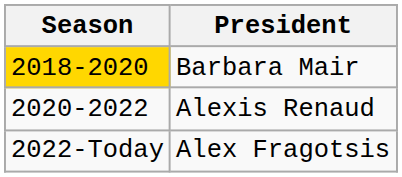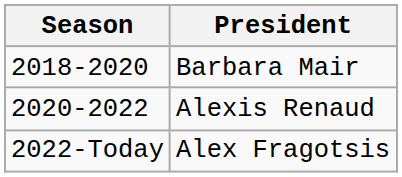 <table class="wikitable sortable">
 <tr>
 <th>Season</th>
 <th>President</th>
 </tr>
 <tr>
-<td style="background: gold;">2018-2020</td>
+<td>2018-2020</td>
 <td>Barbara Mair</td>
 </tr>
 <tr>
 <td>2020-2022</td>
 <td>Alexis Renaud</td>
 </tr>
 <tr>
 <td>2022-Today</td>
 <td>Alex Fragotsis</td>
 </tr>
 </table>
